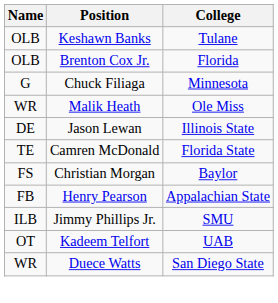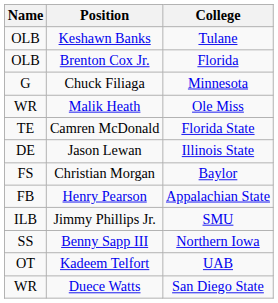 <table class="wikitable" style="text-align:center">
 <tr>
 <th>Name</th>
 <th>Position</th>
 <th>College</th>
 </tr>
 <tr>
 <td>OLB</td>
 <td><a href='#'>Keshawn Banks</a></td>
 <td><a href='#'>Tulane</a></td>
 </tr>
 <tr>
 <td>OLB</td>
 <td><a href='#'>Brenton Cox Jr.</a></td>
 <td><a href='#'>Florida</a></td>
 </tr>
 <tr>
 <td>G</td>
 <td>Chuck Filiaga</td>
 <td><a href='#'>Minnesota</a></td>
 </tr>
 <tr>
 <td>WR</td>
 <td><a href='#'>Malik Heath</a></td>
 <td><a href='#'>Ole Miss</a></td>
 </tr>
 <tr>
+<td>TE</td>
+<td>Camren McDonald</td>
+<td><a href='#'>Florida State</a></td>
+</tr>
+<tr>
 <td>DE</td>
 <td>Jason Lewan</td>
 <td><a href='#'>Illinois State</a></td>
-</tr>
-<tr>
-<td>TE</td>
-<td>Camren McDonald</td>
-<td><a href='#'>Florida State</a></td>
 </tr>
 <tr>
 <td>FS</td>
 <td>Christian Morgan</td>
 <td><a href='#'>Baylor</a></td>
 </tr>
 <tr>
 <td>FB</td>
 <td><a href='#'>Henry Pearson</a></td>
 <td><a href='#'>Appalachian State</a></td>
 </tr>
 <tr>
 <td>ILB</td>
 <td>Jimmy Phillips Jr.</td>
 <td><a href='#'>SMU</a></td>
 </tr>
 <tr>
+<td>SS</td>
+<td><a href='#'>Benny Sapp III</a></td>
+<td><a href='#'>Northern Iowa</a></td>
+</tr>
+<tr>
 <td>OT</td>
 <td><a href='#'>Kadeem Telfort</a></td>
 <td><a href='#'>UAB</a></td>
 </tr>
 <tr>
 <td>WR</td>
 <td><a href='#'>Duece Watts</a></td>
 <td><a href='#'>San Diego State</a></td>
 </tr>
 </table>
